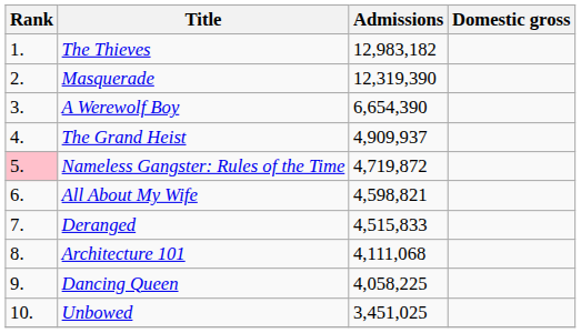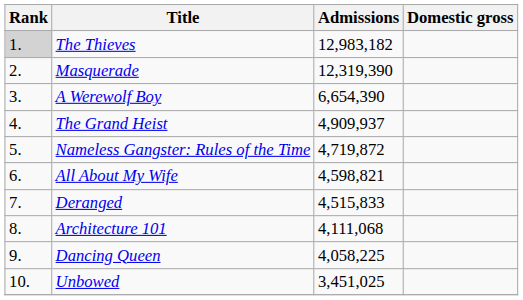 <table class="wikitable sortable" style="margin:auto; margin:auto;">
 <tr>
 <th>Rank</th>
 <th>Title</th>
 <th>Admissions</th>
 <th>Domestic gross</th>
 </tr>
 <tr>
-<td>1.</td>
+<td style="background: lightgrey;">1.</td>
 <td><em><a href='#'>The Thieves</a></em></td>
 <td>12,983,182</td>
 <td></td>
 </tr>
 <tr>
 <td>2.</td>
 <td><em><a href='#'>Masquerade</a></em></td>
 <td>12,319,390</td>
 <td></td>
 </tr>
 <tr>
 <td>3.</td>
 <td><em><a href='#'>A Werewolf Boy</a></em></td>
 <td>6,654,390</td>
 <td></td>
 </tr>
 <tr>
 <td>4.</td>
 <td><em><a href='#'>The Grand Heist</a></em></td>
 <td>4,909,937</td>
 <td></td>
 </tr>
 <tr>
-<td style="background: pink;">5.</td>
+<td>5.</td>
 <td><em><a href='#'>Nameless Gangster: Rules of the Time</a></em></td>
 <td>4,719,872</td>
 <td></td>
 </tr>
 <tr>
 <td>6.</td>
 <td><em><a href='#'>All About My Wife</a></em></td>
 <td>4,598,821</td>
 <td></td>
 </tr>
 <tr>
 <td>7.</td>
 <td><em><a href='#'>Deranged</a></em></td>
 <td>4,515,833</td>
 <td></td>
 </tr>
 <tr>
 <td>8.</td>
 <td><em><a href='#'>Architecture 101</a></em></td>
 <td>4,111,068</td>
 <td></td>
 </tr>
 <tr>
 <td>9.</td>
 <td><em><a href='#'>Dancing Queen</a></em></td>
 <td>4,058,225</td>
 <td></td>
 </tr>
 <tr>
 <td>10.</td>
 <td><em><a href='#'>Unbowed</a></em></td>
 <td>3,451,025</td>
 <td></td>
 </tr>
 <tr>
 </tr>
 </table>
